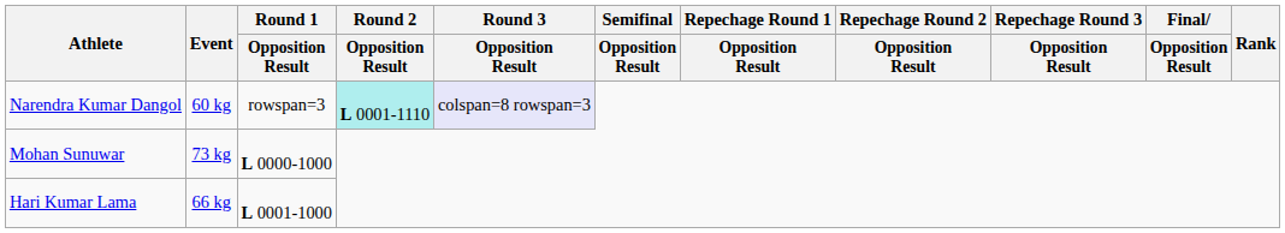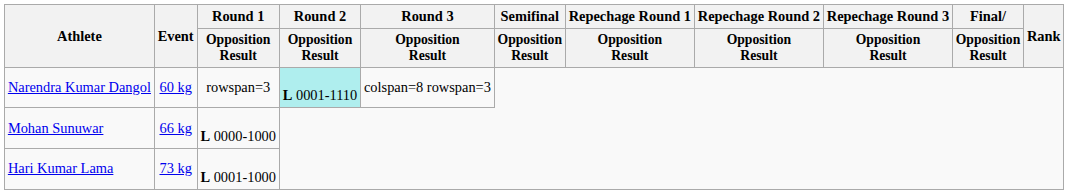 <table class=wikitable style="text-align:center; font-size:90%">
 <tr>
 <th rowspan="2">Athlete</th>
 <th rowspan="2">Event</th>
 <th>Round 1</th>
 <th>Round 2</th>
 <th>Round 3</th>
 <th>Semifinal</th>
 <th>Repechage Round 1</th>
 <th>Repechage Round 2</th>
 <th>Repechage Round 3</th>
 <th>Final/</th>
 <th rowspan=2>Rank</th>
 </tr>
 <tr style="font-size:95%">
 <th>Opposition<br>Result</th>
 <th>Opposition<br>Result</th>
 <th>Opposition<br>Result</th>
 <th>Opposition<br>Result</th>
 <th>Opposition<br>Result</th>
 <th>Opposition<br>Result</th>
 <th>Opposition<br>Result</th>
 <th>Opposition<br>Result</th>
 </tr>
 <tr>
 <td align=left><a href='#'>Narendra Kumar Dangol</a></td>
 <td><a href='#'>60 kg</a></td>
 <td>rowspan=3 </td>
 <td style="background: paleturquoise; text-align:center;"> <br> <strong>L</strong> 0001-1110</td>
-<td style="background: lavender;">colspan=8 rowspan=3 </td>
+<td>colspan=8 rowspan=3 </td>
 </tr>
 <tr>
 <td align=left><a href='#'>Mohan Sunuwar</a></td>
-<td><a href='#'>73 kg</a></td>
+<td><a href='#'>66 kg</a></td>
 <td style="text-align:center;"> <br> <strong>L</strong> 0000-1000</td>
 </tr>
 <tr>
 <td align=left><a href='#'>Hari Kumar Lama</a></td>
-<td><a href='#'>66 kg</a></td>
+<td><a href='#'>73 kg</a></td>
 <td style="text-align:center;"> <br> <strong>L</strong> 0001-1000</td>
 </tr>
 <tr>
 </tr>
 </table>
